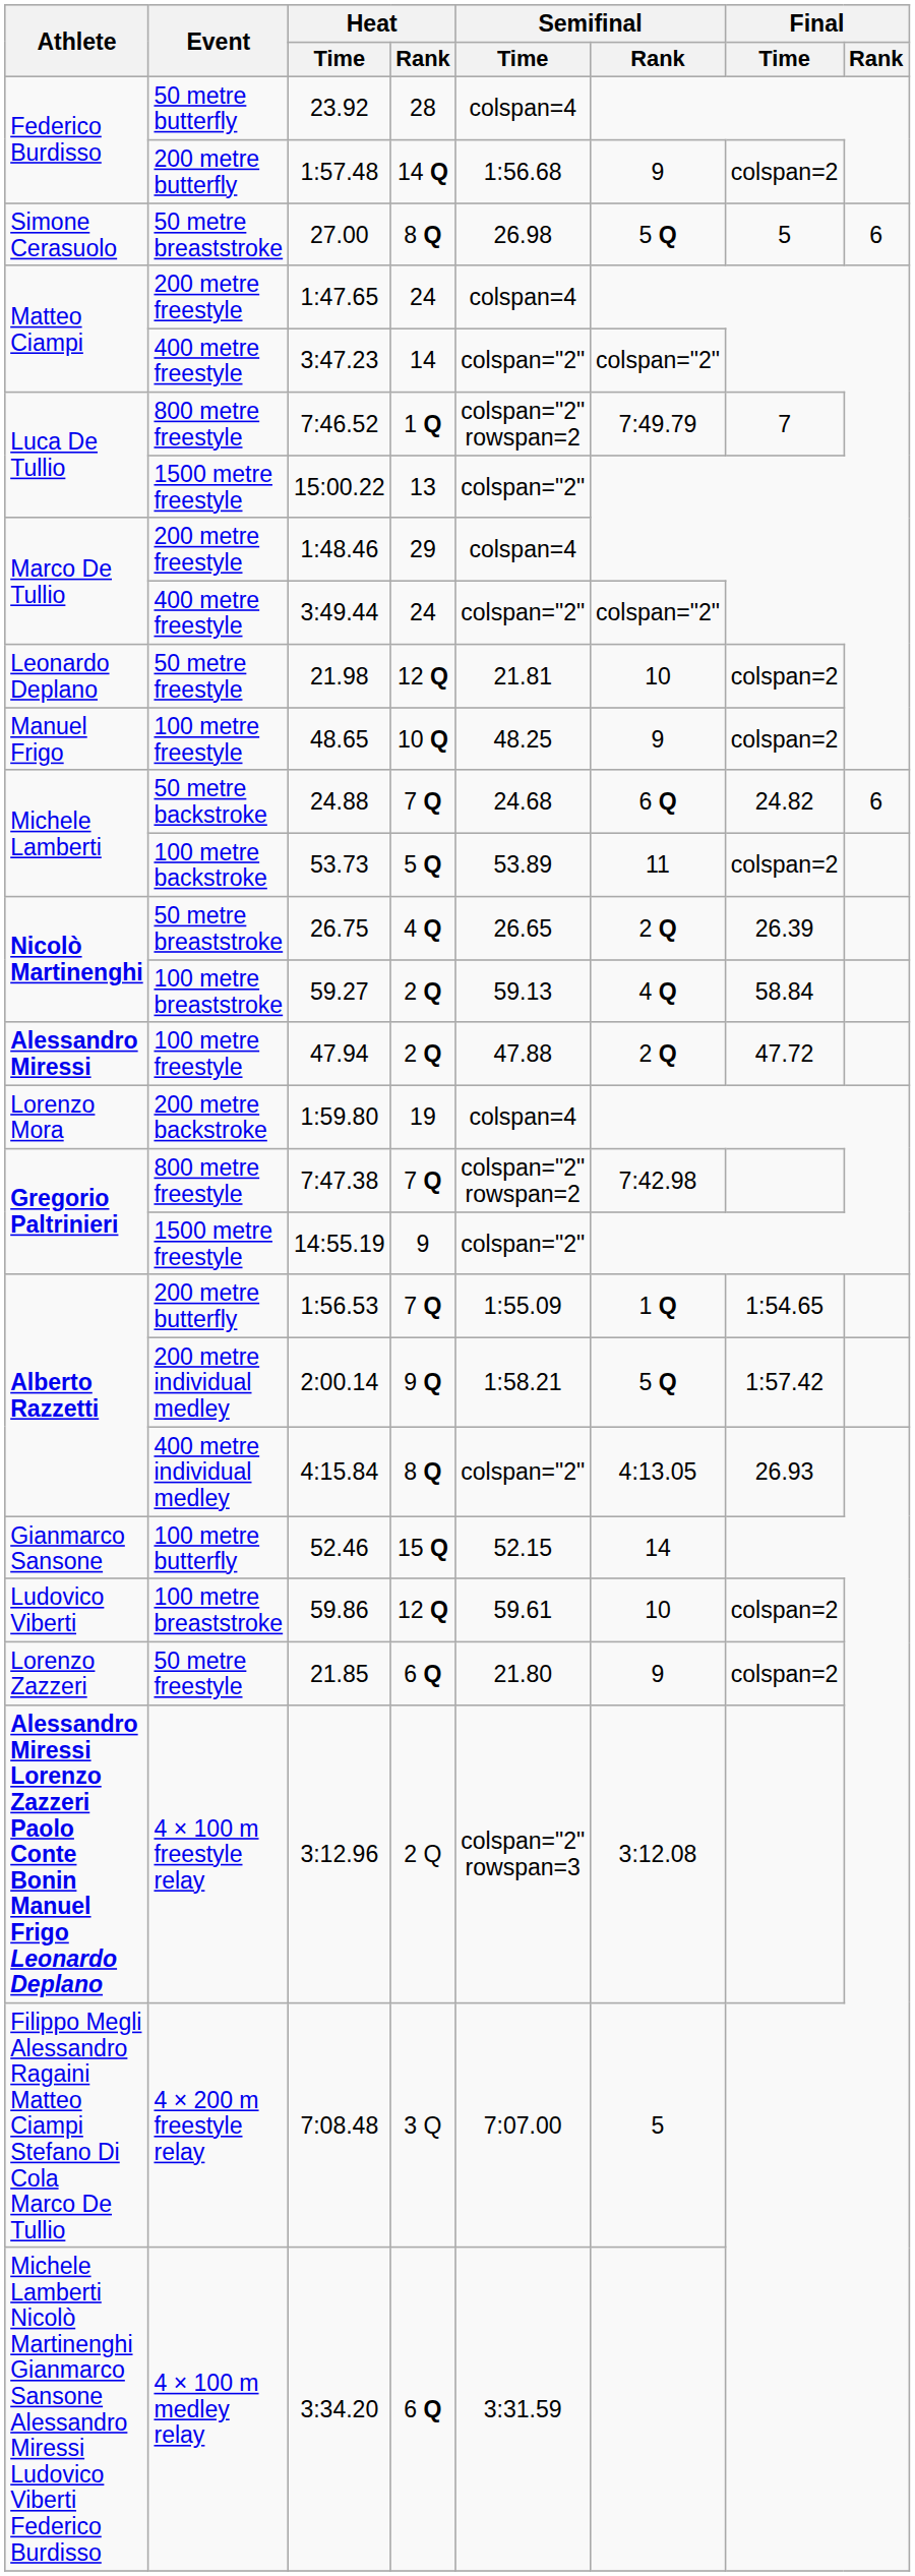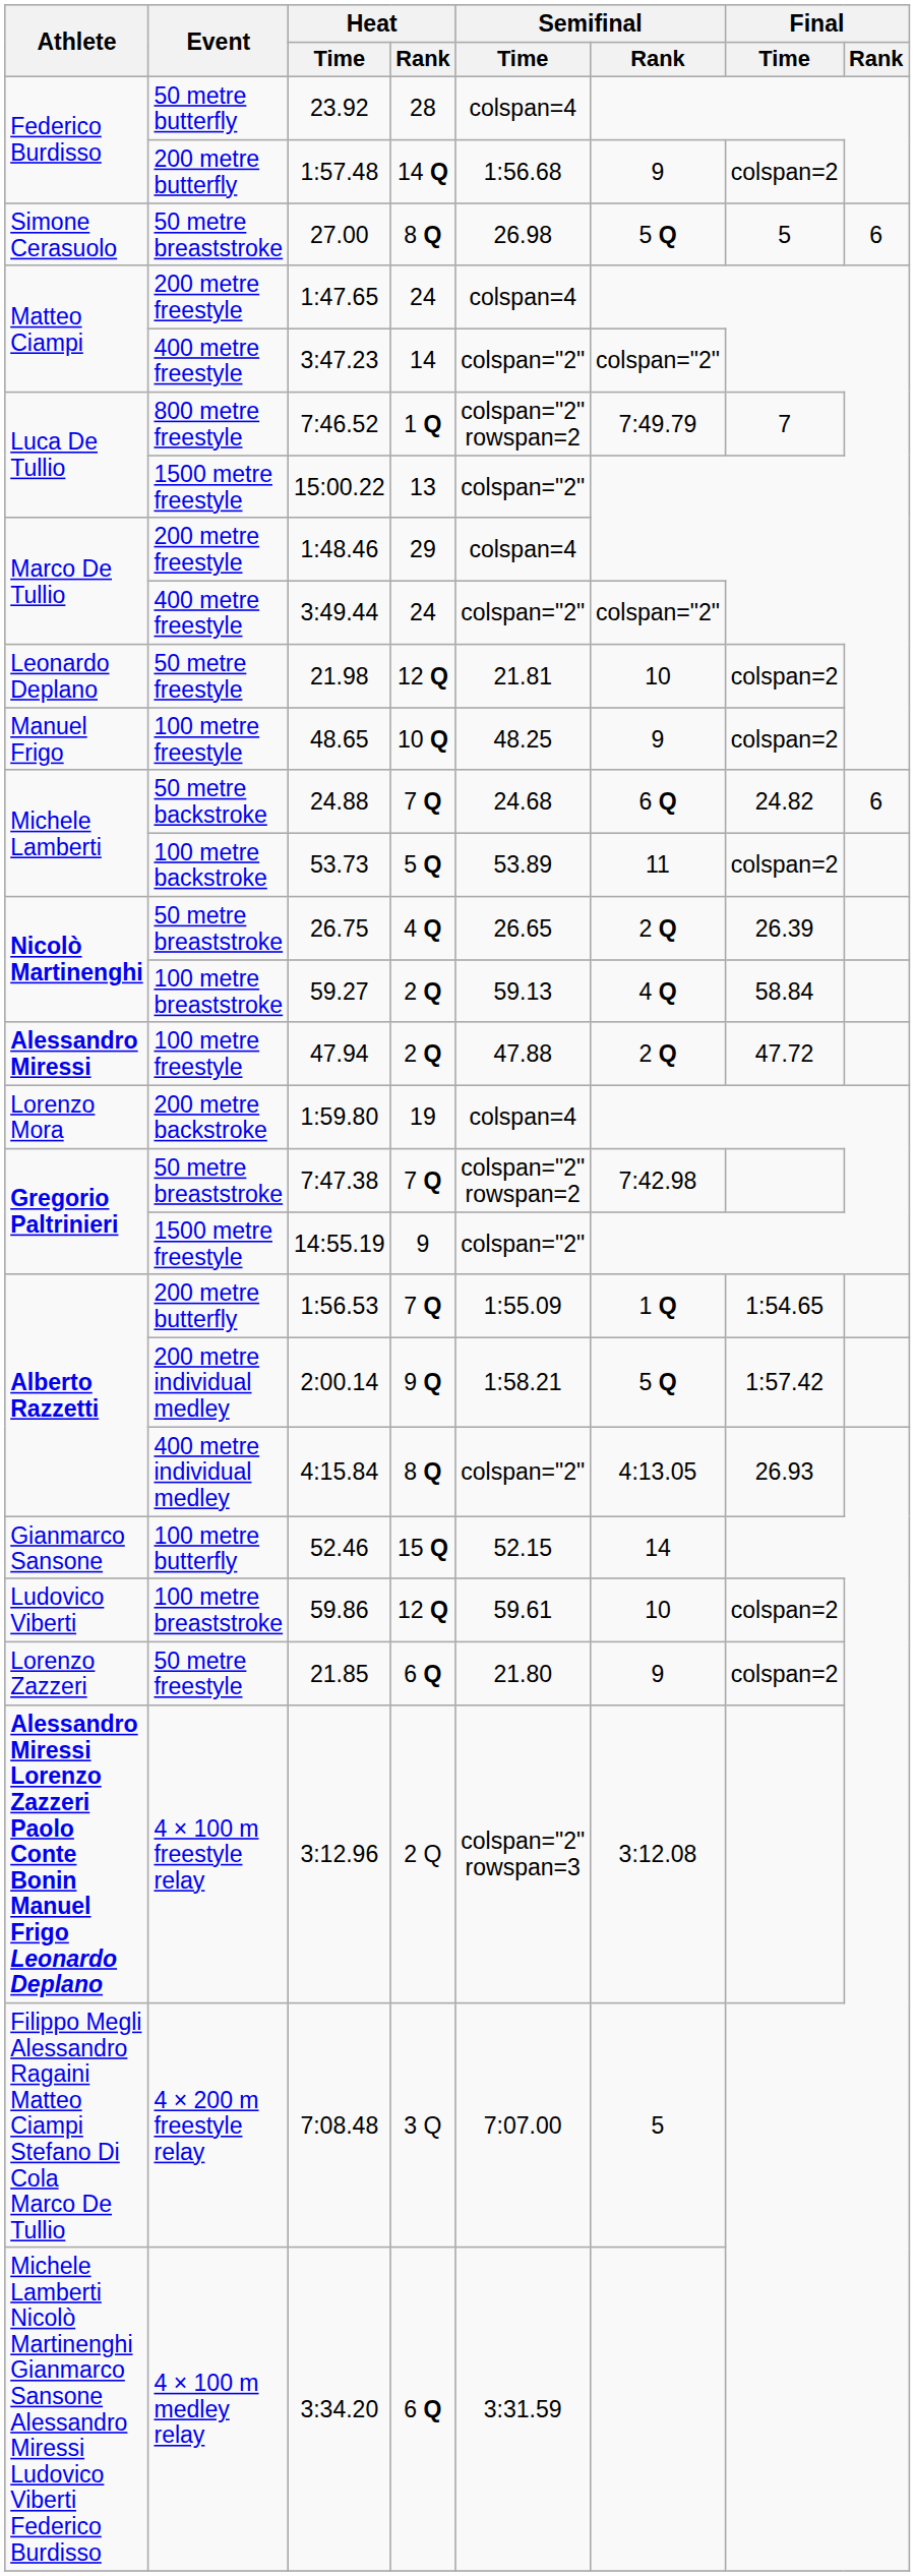 <table class="wikitable" style="text-align:center; font-size:90%; width:50%;">
 <tr>
 <th rowspan="2">Athlete</th>
 <th rowspan="2">Event</th>
 <th colspan="2">Heat</th>
 <th colspan="2">Semifinal</th>
 <th colspan="2">Final</th>
 </tr>
 <tr style="font-size:95%">
 <th>Time</th>
 <th>Rank</th>
 <th>Time</th>
 <th>Rank</th>
 <th>Time</th>
 <th>Rank</th>
 </tr>
 <tr align=center>
 <td align=left rowspan=2><a href='#'>Federico Burdisso</a></td>
 <td align=left><a href='#'>50 metre butterfly</a></td>
 <td>23.92</td>
 <td>28</td>
 <td>colspan=4   </td>
 </tr>
 <tr align=center>
 <td align=left><a href='#'>200 metre butterfly</a></td>
 <td>1:57.48</td>
 <td>14 <strong>Q</strong></td>
 <td>1:56.68</td>
 <td>9</td>
 <td>colspan=2   </td>
 </tr>
 <tr align=center>
 <td align=left><a href='#'>Simone Cerasuolo</a></td>
 <td align=left><a href='#'>50 metre breaststroke</a></td>
 <td>27.00</td>
 <td>8 <strong>Q</strong></td>
 <td>26.98</td>
 <td>5 <strong>Q</strong></td>
 <td>5</td>
 <td>6</td>
 </tr>
 <tr align=center>
 <td align=left rowspan=2><a href='#'>Matteo Ciampi</a></td>
 <td align=left><a href='#'>200 metre freestyle</a></td>
 <td>1:47.65</td>
 <td>24</td>
 <td>colspan=4   </td>
 </tr>
 <tr align=center>
 <td align=left><a href='#'>400 metre freestyle</a></td>
 <td>3:47.23</td>
 <td>14</td>
 <td>colspan="2" </td>
 <td>colspan="2" </td>
 </tr>
 <tr align=center>
 <td align=left rowspan=2><a href='#'>Luca De Tullio</a></td>
 <td align=left><a href='#'>800 metre freestyle</a></td>
 <td>7:46.52</td>
 <td>1 <strong>Q</strong></td>
 <td>colspan="2" rowspan=2 </td>
 <td>7:49.79</td>
 <td>7</td>
 </tr>
 <tr align=center>
 <td align=left><a href='#'>1500 metre freestyle</a></td>
 <td>15:00.22</td>
 <td>13</td>
 <td>colspan="2" </td>
 </tr>
 <tr align=center>
 <td align=left rowspan=2><a href='#'>Marco De Tullio</a></td>
 <td align=left><a href='#'>200 metre freestyle</a></td>
 <td>1:48.46</td>
 <td>29</td>
 <td>colspan=4   </td>
 </tr>
 <tr align=center>
 <td align=left><a href='#'>400 metre freestyle</a></td>
 <td>3:49.44</td>
 <td>24</td>
 <td>colspan="2" </td>
 <td>colspan="2" </td>
 </tr>
 <tr align=center>
 <td align=left><a href='#'>Leonardo Deplano</a></td>
 <td align=left><a href='#'>50 metre freestyle</a></td>
 <td>21.98</td>
 <td>12 <strong>Q</strong></td>
 <td>21.81</td>
 <td>10</td>
 <td>colspan=2 </td>
 </tr>
 <tr align=center>
 <td align=left><a href='#'>Manuel Frigo</a></td>
 <td align=left><a href='#'>100 metre freestyle</a></td>
 <td>48.65</td>
 <td>10 <strong>Q</strong></td>
 <td>48.25</td>
 <td>9</td>
 <td>colspan=2 </td>
 </tr>
 <tr align=center>
 <td align=left rowspan=2><a href='#'>Michele Lamberti</a></td>
 <td align=left><a href='#'>50 metre backstroke</a></td>
 <td>24.88</td>
 <td>7 <strong>Q</strong></td>
 <td>24.68</td>
 <td>6 <strong>Q</strong></td>
 <td>24.82</td>
 <td>6</td>
 </tr>
 <tr align=center>
 <td align=left><a href='#'>100 metre backstroke</a></td>
 <td>53.73</td>
 <td>5 <strong>Q</strong></td>
 <td>53.89</td>
 <td>11</td>
 <td>colspan=2 </td>
 </tr>
 <tr align=center>
 <td align=left rowspan=2><strong><a href='#'>Nicolò Martinenghi</a></strong></td>
 <td align=left><a href='#'>50 metre breaststroke</a></td>
 <td>26.75</td>
 <td>4 <strong>Q</strong></td>
 <td>26.65</td>
 <td>2 <strong>Q</strong></td>
 <td>26.39</td>
 <td></td>
 </tr>
 <tr align=center>
 <td align=left><a href='#'>100 metre breaststroke</a></td>
 <td>59.27</td>
 <td>2 <strong>Q</strong></td>
 <td>59.13</td>
 <td>4 <strong>Q</strong></td>
 <td>58.84</td>
 <td></td>
 </tr>
 <tr align=center>
 <td align=left><strong><a href='#'>Alessandro Miressi</a></strong></td>
 <td align=left><a href='#'>100 metre freestyle</a></td>
 <td>47.94</td>
 <td>2 <strong>Q</strong></td>
 <td>47.88</td>
 <td>2 <strong>Q</strong></td>
 <td>47.72</td>
 <td></td>
 </tr>
 <tr align=center>
 <td align=left><a href='#'>Lorenzo Mora</a></td>
 <td align=left><a href='#'>200 metre backstroke</a></td>
 <td>1:59.80</td>
 <td>19</td>
 <td>colspan=4 </td>
 </tr>
 <tr align=center>
 <td align=left rowspan=2><strong><a href='#'>Gregorio Paltrinieri</a></strong></td>
-<td align=left><a href='#'>800 metre freestyle</a></td>
+<td align=left><a href='#'>50 metre breaststroke</a></td>
 <td>7:47.38</td>
 <td>7 <strong>Q</strong></td>
 <td>colspan="2" rowspan=2 </td>
 <td>7:42.98</td>
 <td></td>
 </tr>
 <tr align=center>
 <td align=left><a href='#'>1500 metre freestyle</a></td>
 <td>14:55.19</td>
 <td>9</td>
 <td>colspan="2" </td>
 </tr>
 <tr align=center>
 <td align=left rowspan=3><strong><a href='#'>Alberto Razzetti</a></strong></td>
 <td align=left><a href='#'>200 metre butterfly</a></td>
 <td>1:56.53</td>
 <td>7 <strong>Q</strong></td>
 <td>1:55.09</td>
 <td>1 <strong>Q</strong></td>
 <td>1:54.65</td>
 <td></td>
 </tr>
 <tr align=center>
 <td align=left><a href='#'>200 metre individual medley</a></td>
 <td>2:00.14</td>
 <td>9 <strong>Q</strong></td>
 <td>1:58.21</td>
 <td>5 <strong>Q</strong></td>
 <td>1:57.42</td>
 <td></td>
 </tr>
 <tr align=center>
 <td align=left><a href='#'>400 metre individual medley</a></td>
 <td>4:15.84</td>
 <td>8 <strong>Q</strong></td>
 <td>colspan="2" </td>
 <td>4:13.05</td>
 <td>26.93</td>
 </tr>
 <tr align=center>
 <td align=left><a href='#'>Gianmarco Sansone</a></td>
 <td align=left><a href='#'>100 metre butterfly</a></td>
 <td>52.46</td>
 <td>15 <strong>Q</strong></td>
 <td>52.15</td>
 <td>14</td>
 </tr>
 <tr align=center>
 <td align=left><a href='#'>Ludovico Viberti</a></td>
 <td align=left><a href='#'>100 metre breaststroke</a></td>
 <td>59.86</td>
 <td>12 <strong>Q</strong></td>
 <td>59.61</td>
 <td>10</td>
 <td>colspan=2 </td>
 </tr>
 <tr align=center>
 <td align=left><a href='#'>Lorenzo Zazzeri</a></td>
 <td align=left><a href='#'>50 metre freestyle</a></td>
 <td>21.85</td>
 <td>6 <strong>Q</strong></td>
 <td>21.80</td>
 <td>9</td>
 <td>colspan=2 </td>
 </tr>
 <tr align=center>
 <td align=left><strong><a href='#'>Alessandro Miressi</a><br><a href='#'>Lorenzo Zazzeri</a><br><a href='#'>Paolo Conte Bonin</a><br><a href='#'>Manuel Frigo</a><br><em><a href='#'>Leonardo Deplano</a><strong><em></td>
 <td align=left><a href='#'>4 × 100 m freestyle relay</a></td>
 <td>3:12.96</td>
 <td>2 </strong>Q<strong></td>
 <td>colspan="2" rowspan=3 </td>
 <td>3:12.08</td>
 <td></td>
 </tr>
 <tr align=center>
 <td align=left><a href='#'>Filippo Megli</a><br><a href='#'>Alessandro Ragaini</a><br><a href='#'>Matteo Ciampi</a><br><a href='#'>Stefano Di Cola</a><br></em><a href='#'>Marco De Tullio</a><em></td>
 <td align=left><a href='#'>4 × 200 m freestyle relay</a></td>
 <td>7:08.48</td>
 <td>3 </strong>Q<strong></td>
 <td>7:07.00</td>
 <td>5</td>
 </tr>
 <tr align=center>
 <td align=left></strong><a href='#'>Michele Lamberti</a><br><a href='#'>Nicolò Martinenghi</a><br><a href='#'>Gianmarco Sansone</a><br><a href='#'>Alessandro Miressi</a><br></em><a href='#'>Ludovico Viberti</a><br><a href='#'>Federico Burdisso</a></em></strong></td>
 <td align=left><a href='#'>4 × 100 m medley relay</a></td>
 <td>3:34.20</td>
 <td>6 <strong>Q</strong></td>
 <td>3:31.59</td>
 <td></td>
 </tr>
 </table>
